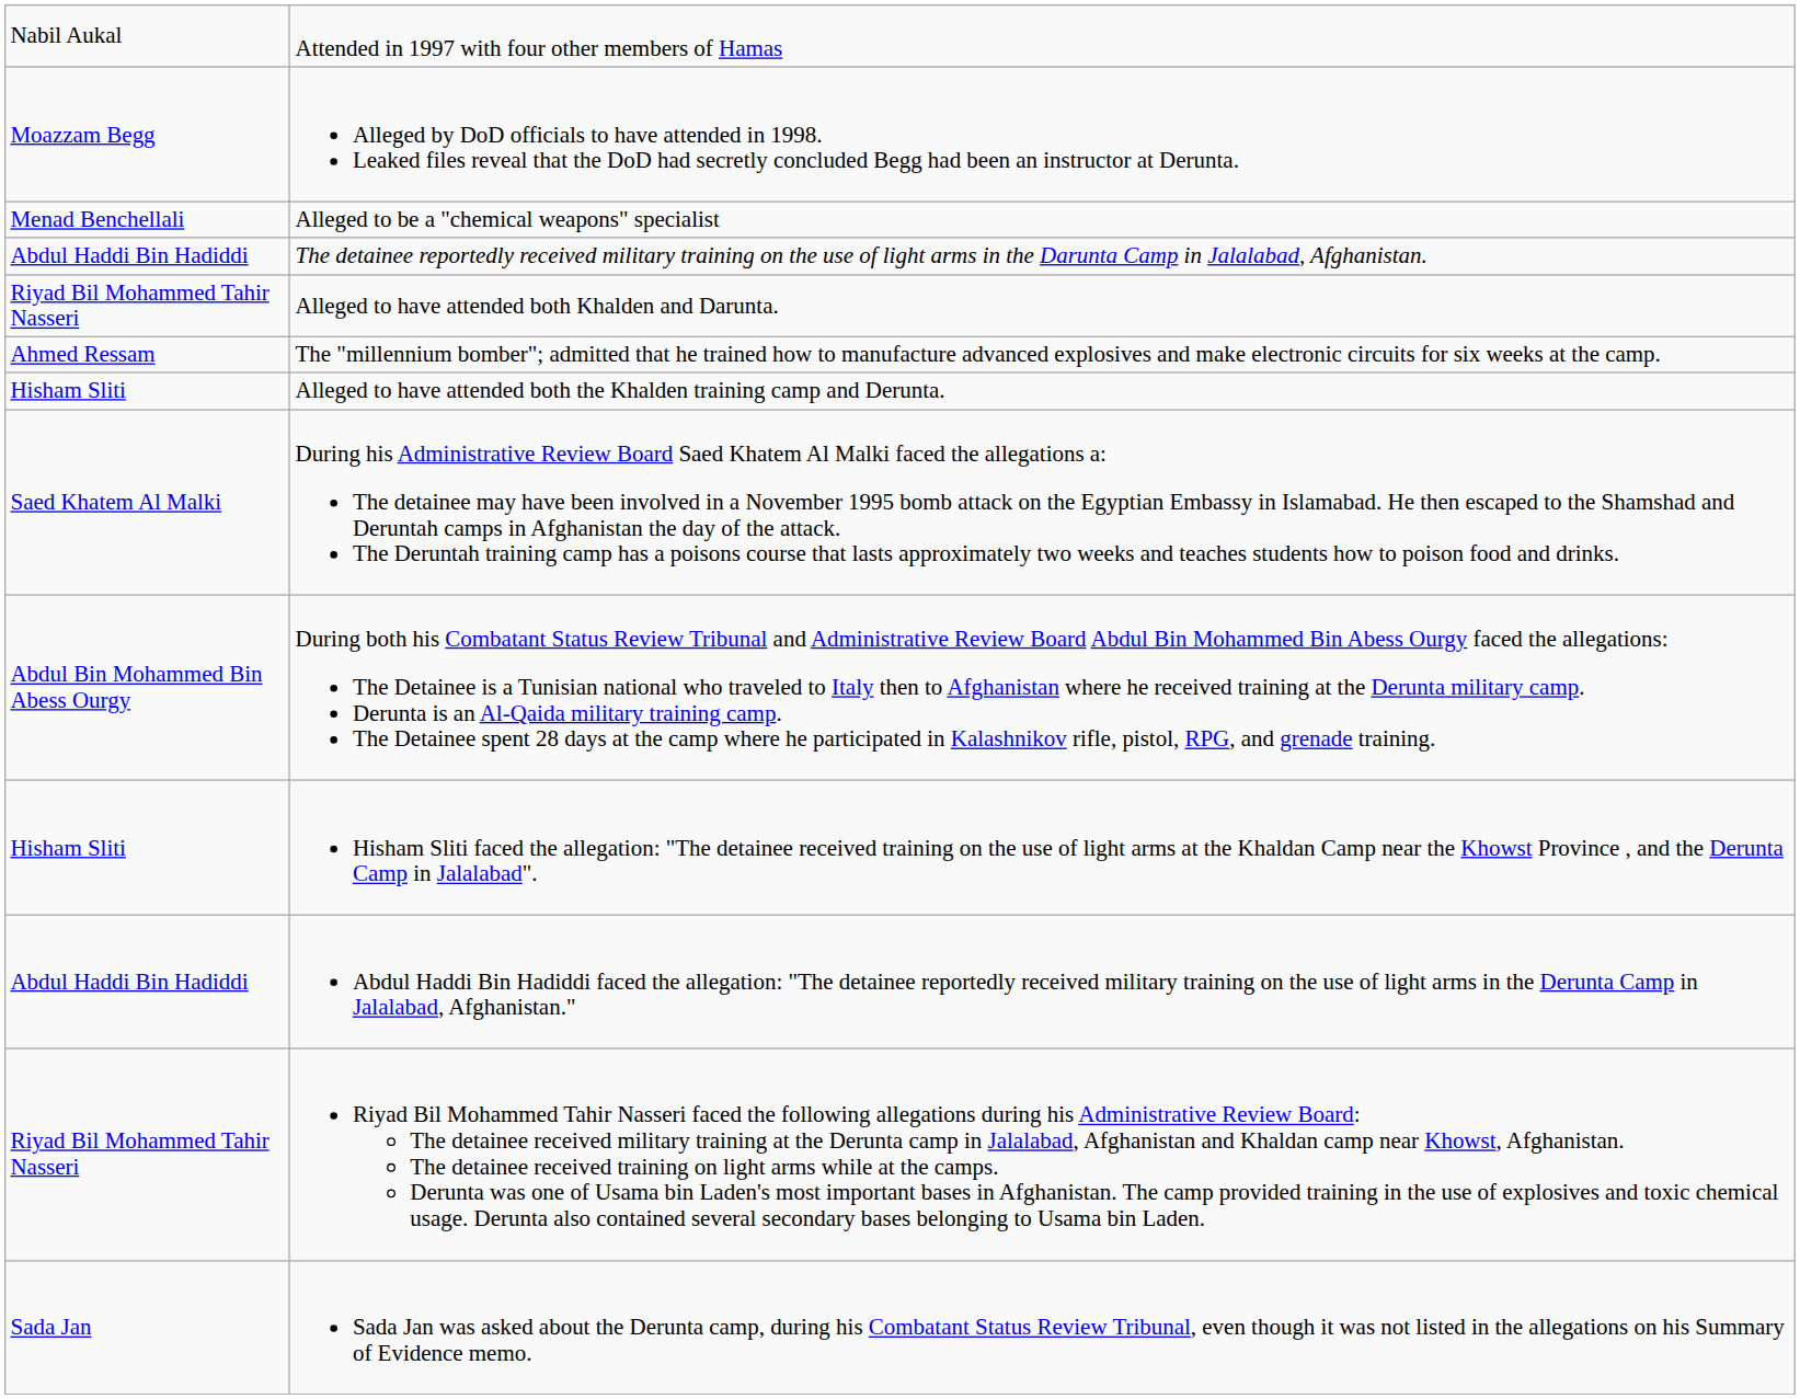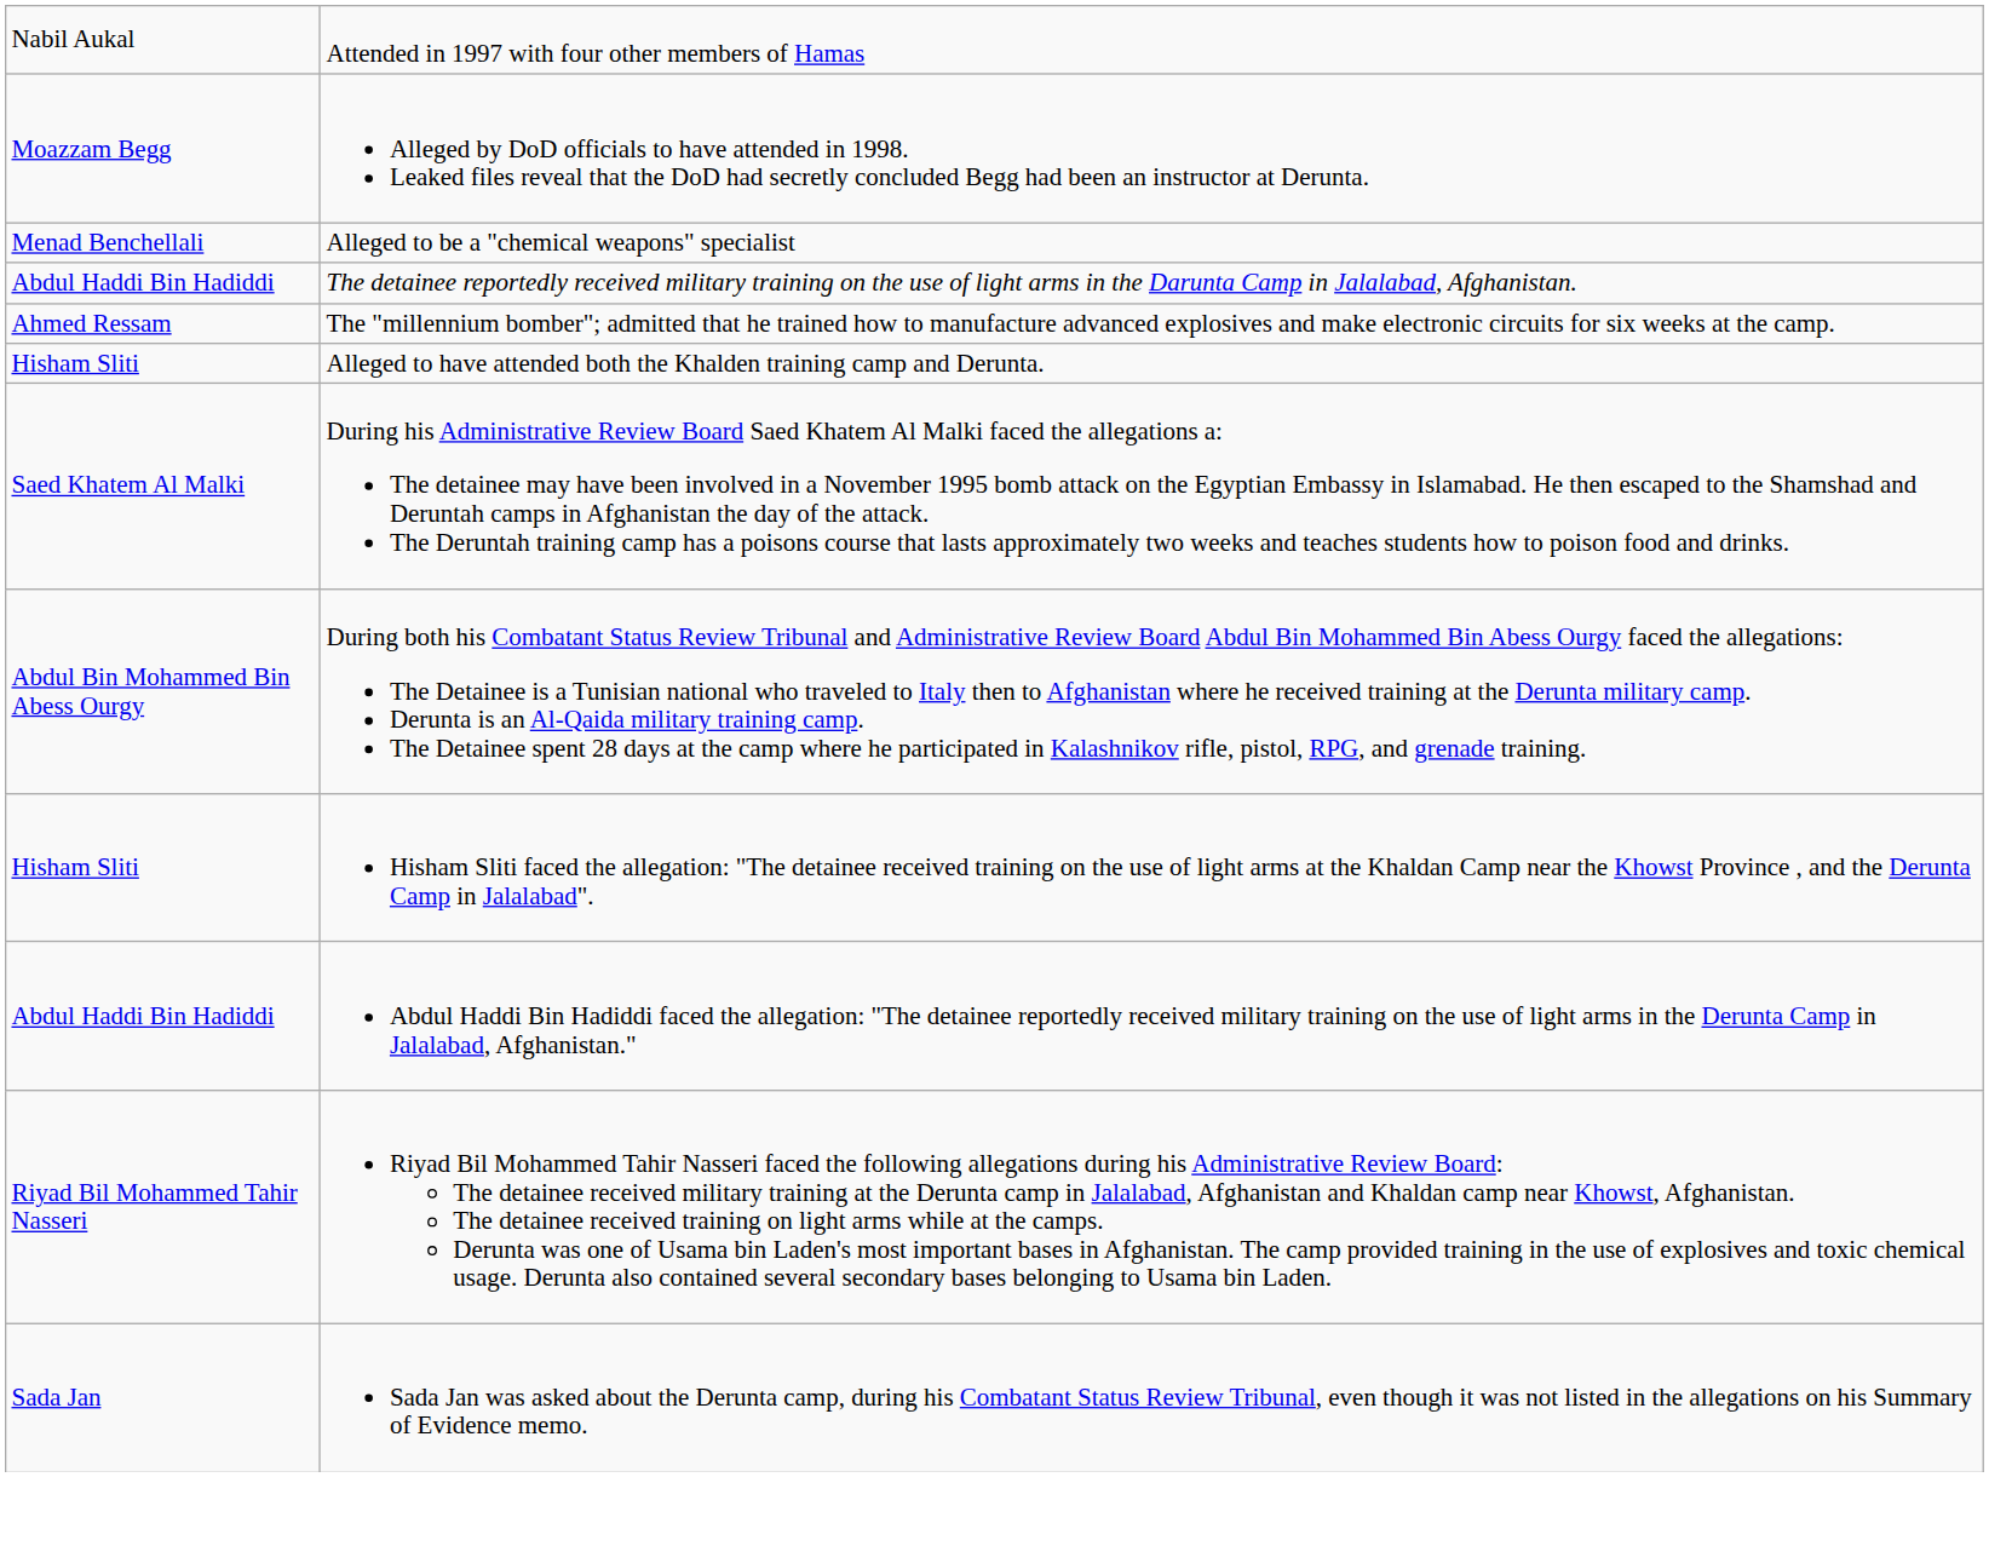 <table class="wikitable">
 <tr>
 <td>Nabil Aukal</td>
 <td><br>Attended in 1997 with four other members of <a href='#'>Hamas</a></td>
 </tr>
 <tr>
 <td><a href='#'>Moazzam Begg</a></td>
 <td><br><ul><li>Alleged by DoD officials to have attended in 1998.</li><li>Leaked files reveal that the DoD had secretly concluded Begg had been an instructor at Derunta.</li></ul></td>
 </tr>
 <tr>
 <td><a href='#'>Menad Benchellali</a></td>
 <td>Alleged to be a "chemical weapons" specialist</td>
 </tr>
 <tr>
 <td><a href='#'>Abdul Haddi Bin Hadiddi</a></td>
 <td><em>The detainee reportedly received military training on the use of light arms in the <a href='#'>Darunta Camp</a> in <a href='#'>Jalalabad</a>, Afghanistan.</em></td>
-</tr>
-<tr>
-<td><a href='#'>Riyad Bil Mohammed Tahir Nasseri</a></td>
-<td>Alleged to have attended both Khalden and Darunta.</td>
 </tr>
 <tr>
 <td><a href='#'>Ahmed Ressam</a></td>
 <td>The "millennium bomber"; admitted that he trained how to manufacture advanced explosives and make electronic circuits for six weeks at the camp.</td>
 </tr>
 <tr>
 <td><a href='#'>Hisham Sliti</a></td>
 <td>Alleged to have attended both the Khalden training camp and Derunta.</td>
 </tr>
 <tr>
 <td><a href='#'>Saed Khatem Al Malki</a></td>
 <td><br>During his <a href='#'>Administrative Review Board</a> Saed Khatem Al Malki faced the allegations a:<ul><li>The detainee may have been involved in a November 1995 bomb attack on the Egyptian Embassy in Islamabad.  He then escaped to the Shamshad and Deruntah camps in Afghanistan the day of the attack.</li><li>The Deruntah training camp has a poisons course that lasts approximately two weeks and teaches students how to poison food and drinks.</li></ul></td>
 </tr>
 <tr>
 <td><a href='#'>Abdul Bin Mohammed Bin Abess Ourgy</a></td>
 <td><br>During both his <a href='#'>Combatant Status Review Tribunal</a> and <a href='#'>Administrative Review Board</a> <a href='#'>Abdul Bin Mohammed Bin Abess Ourgy</a> faced the allegations:<ul><li>The Detainee is a Tunisian national who traveled to <a href='#'>Italy</a> then to <a href='#'>Afghanistan</a> where he received training at the <a href='#'>Derunta military camp</a>.</li><li>Derunta is an <a href='#'>Al-Qaida military training camp</a>.</li><li>The Detainee spent 28 days at the camp where he participated in <a href='#'>Kalashnikov</a> rifle, pistol, <a href='#'>RPG</a>, and <a href='#'>grenade</a> training.</li></ul></td>
 </tr>
 <tr>
 <td><a href='#'>Hisham Sliti</a></td>
 <td><br><ul><li>Hisham Sliti faced the allegation: "The detainee received training on the use of light arms at the Khaldan Camp near the <a href='#'>Khowst</a> Province , and the <a href='#'>Derunta Camp</a> in <a href='#'>Jalalabad</a>".</li></ul></td>
 </tr>
 <tr>
 <td><a href='#'>Abdul Haddi Bin Hadiddi</a></td>
 <td><br><ul><li>Abdul Haddi Bin Hadiddi faced the allegation: "The detainee reportedly received military training on the use of light arms in the <a href='#'>Derunta Camp</a> in <a href='#'>Jalalabad</a>, Afghanistan."</li></ul></td>
 </tr>
 <tr>
 <td><a href='#'>Riyad Bil Mohammed Tahir Nasseri</a></td>
 <td><br><ul><li>Riyad Bil Mohammed Tahir Nasseri faced the following  allegations during his <a href='#'>Administrative Review Board</a>:<ul><li>The detainee received military training at the Derunta camp in <a href='#'>Jalalabad</a>, Afghanistan and Khaldan camp near <a href='#'>Khowst</a>, Afghanistan.</li><li>The detainee received training on light arms while at the camps.</li><li>Derunta was one of Usama bin Laden's most important bases in Afghanistan. The camp provided training in the use of explosives and toxic chemical usage. Derunta also contained several secondary bases belonging to Usama bin Laden.</li></ul></li></ul></td>
 </tr>
 <tr>
 <td><a href='#'>Sada Jan</a></td>
 <td><br><ul><li>Sada Jan was asked about the Derunta camp, during his <a href='#'>Combatant Status Review Tribunal</a>, even though it was not listed in the allegations on his Summary of Evidence memo.</li></ul></td>
 </tr>
 </table>
